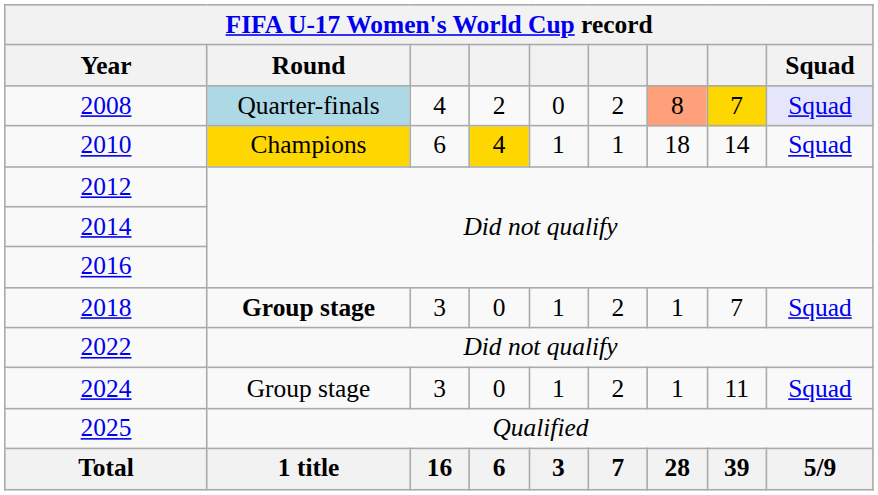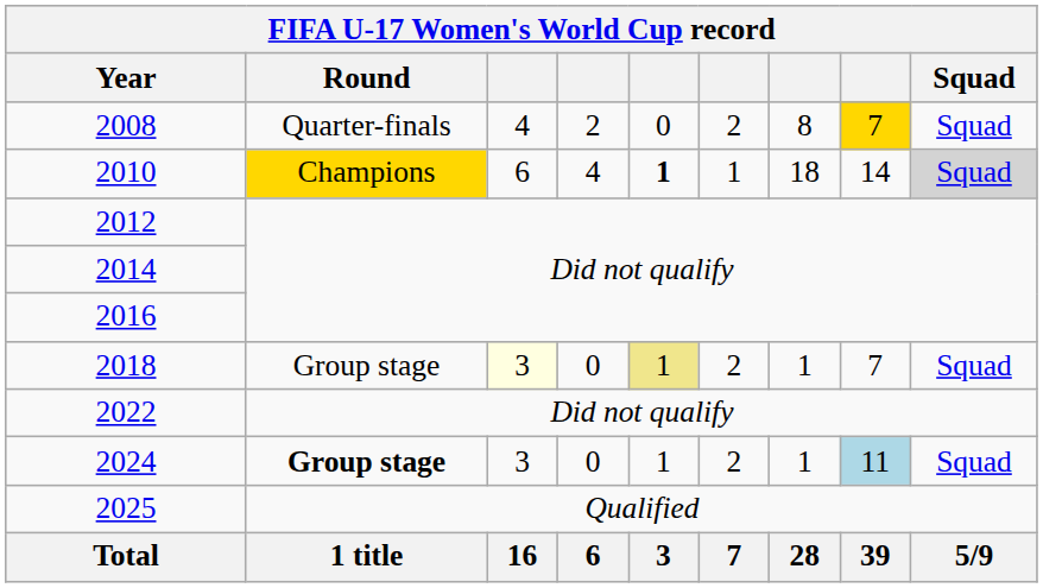 <table class="wikitable" style="text-align: center;">
 <tr>
 <th colspan="9"><a href='#'>FIFA U-17 Women's World Cup</a> record</th>
 </tr>
 <tr>
 <th width="120">Year</th>
 <th width="120">Round</th>
 <th width="30"></th>
 <th width="30"></th>
 <th width="30"></th>
 <th width="30"></th>
 <th width="30"></th>
 <th width="30"></th>
 <th width="60">Squad</th>
 </tr>
 <tr>
 <td> <a href='#'>2008</a></td>
-<td style="background: lightblue;">Quarter-finals</td>
+<td>Quarter-finals</td>
 <td>4</td>
 <td>2</td>
 <td>0</td>
 <td>2</td>
-<td style="background: lightsalmon;">8</td>
+<td>8</td>
 <td style="background: gold;">7</td>
-<td style="background: lavender;"><a href='#'>Squad</a></td>
+<td><a href='#'>Squad</a></td>
 </tr>
 <tr>
 <td> <a href='#'>2010</a></td>
 <td style="background:gold;">Champions</td>
 <td>6</td>
-<td style="background: gold;">4</td>
-<td>1</td>
+<td>4</td>
+<td><strong>1</strong></td>
 <td>1</td>
 <td>18</td>
 <td>14</td>
-<td><a href='#'>Squad</a></td>
+<td style="background: lightgrey;"><a href='#'>Squad</a></td>
 </tr>
 <tr>
 <td> <a href='#'>2012</a></td>
 <td Rowspan=3 Colspan=8><em>Did not qualify</em></td>
 </tr>
 <tr>
 <td> <a href='#'>2014</a></td>
 </tr>
 <tr>
 <td> <a href='#'>2016</a></td>
 </tr>
 <tr>
 <td> <a href='#'>2018</a></td>
-<td><strong>Group stage</strong></td>
-<td>3</td>
+<td>Group stage</td>
+<td style="background: lightyellow;">3</td>
 <td>0</td>
-<td>1</td>
+<td style="background: khaki;">1</td>
 <td>2</td>
 <td>1</td>
 <td>7</td>
 <td><a href='#'>Squad</a></td>
 </tr>
 <tr>
 <td> <a href='#'>2022</a></td>
 <td Colspan=8><em>Did not qualify</em></td>
 </tr>
 <tr>
 <td> <a href='#'>2024</a></td>
-<td>Group stage</td>
+<td><strong>Group stage</strong></td>
 <td>3</td>
 <td>0</td>
 <td>1</td>
 <td>2</td>
 <td>1</td>
-<td>11</td>
+<td style="background: lightblue;">11</td>
 <td><a href='#'>Squad</a></td>
 </tr>
 <tr>
 <td> <a href='#'>2025</a></td>
 <td colspan="8"><em>Qualified</em></td>
 </tr>
 <tr>
 <th>Total</th>
 <th>1 title</th>
 <th>16</th>
 <th>6</th>
 <th>3</th>
 <th>7</th>
 <th>28</th>
 <th>39</th>
 <th>5/9</th>
 </tr>
 </table>
